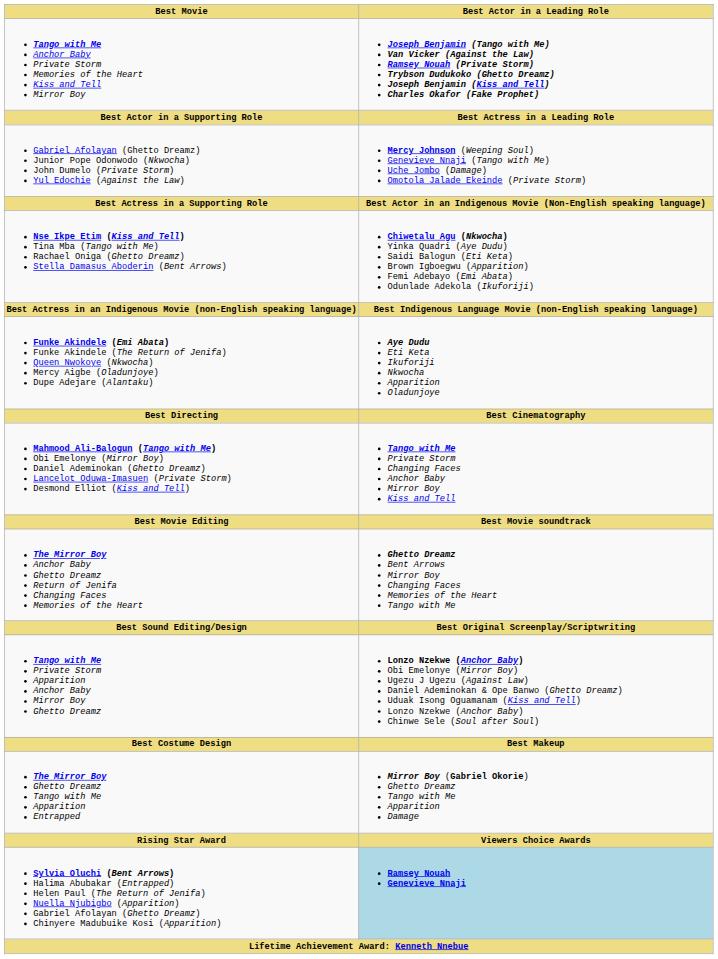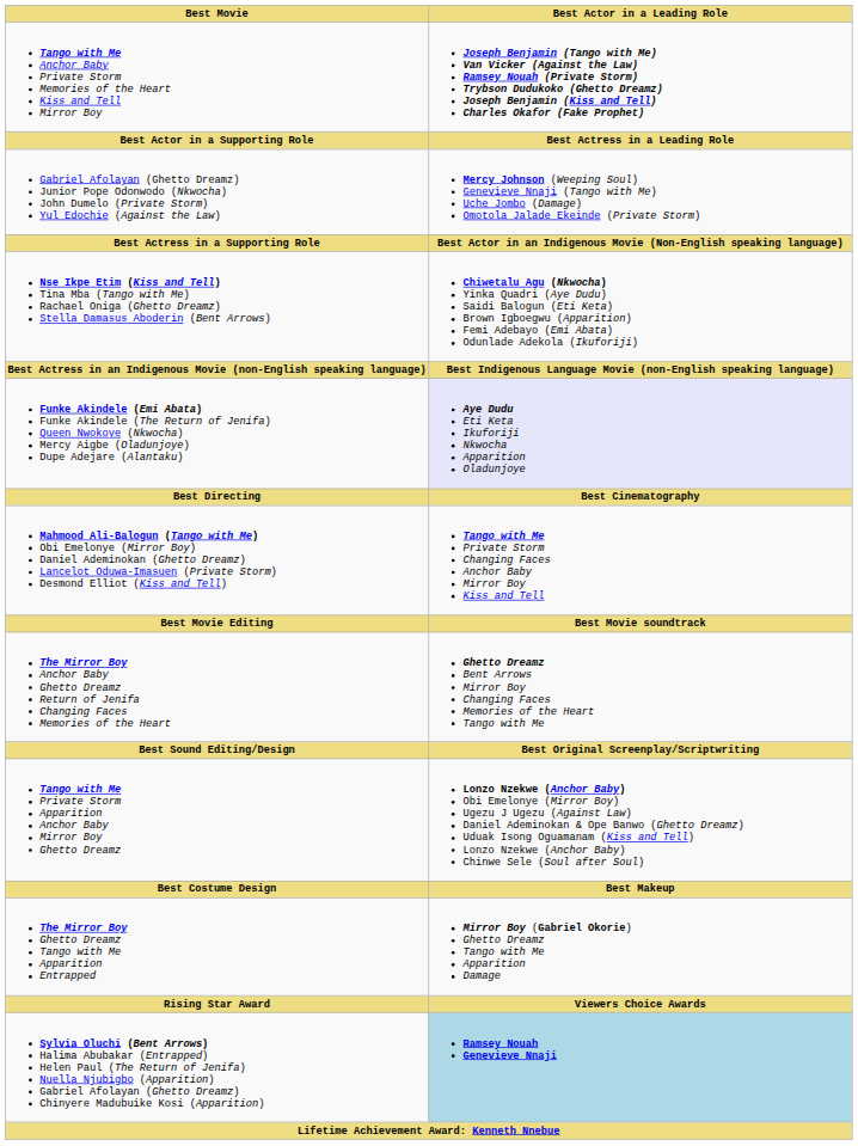 <table class="wikitable">
 <tr>
 <th style="background:#EEDD82; width:50%">Best Movie</th>
 <th style="background:#EEDD82; width:50%">Best Actor in a Leading Role</th>
 </tr>
 <tr>
 <td valign="top"><br><ul><li><strong><em><a href='#'>Tango with Me</a></em></strong></li><li><em><a href='#'>Anchor Baby</a></em></li><li><em>Private Storm</em></li><li><em>Memories of the Heart</em></li><li><em><a href='#'>Kiss and Tell</a></em></li><li><em>Mirror Boy</em></li></ul></td>
 <td valign="top"><br><ul><li><strong><em><a href='#'>Joseph Benjamin</a><strong> (<em>Tango with Me</em>)<em></li><li>Van Vicker (</em>Against the Law<em>)</li><li><a href='#'>Ramsey Nouah</a> (</em>Private Storm<em>)</li><li>Trybson Dudukoko (</em>Ghetto Dreamz<em>)</li><li>Joseph Benjamin (</em><a href='#'>Kiss and Tell</a><em>)</li><li>Charles Okafor (</em>Fake Prophet<em>)</li></ul></td>
 </tr>
 <tr>
 <th style="background:#EEDD82; width:50%">Best Actor in a Supporting Role</th>
 <th style="background:#EEDD82; width:50%">Best Actress in a Leading Role</th>
 </tr>
 <tr>
 <td valign="top"><br><ul><li></em></strong><a href='#'>Gabriel Afolayan</a></strong> (Ghetto Dreamz)</em></li><li>Junior Pope Odonwodo (<em>Nkwocha</em>)</li><li>John Dumelo (<em>Private Storm</em>)</li><li><a href='#'>Yul Edochie</a> (<em>Against the Law</em>)</li></ul></td>
 <td valign="top"><br><ul><li><strong><a href='#'>Mercy Johnson</a></strong> (<em>Weeping Soul</em>)</li><li><a href='#'>Genevieve Nnaji</a> (<em>Tango with Me</em>)</li><li><a href='#'>Uche Jombo</a> (<em>Damage</em>)</li><li><a href='#'>Omotola Jalade Ekeinde</a> (<em>Private Storm</em>)</li></ul></td>
 </tr>
 <tr>
 <th style="background:#EEDD82; width:50%">Best Actress in a Supporting Role</th>
 <th style="background:#EEDD82; width:50%">Best Actor in an Indigenous Movie (Non-English speaking language)</th>
 </tr>
 <tr>
 <td valign="top"><br><ul><li><strong><a href='#'>Nse Ikpe Etim</a> (<em><a href='#'>Kiss and Tell</a></em>)</strong></li><li>Tina Mba (<em>Tango with Me</em>)</li><li>Rachael Oniga (<em>Ghetto Dreamz</em>)</li><li><a href='#'>Stella Damasus Aboderin</a> (<em>Bent Arrows</em>)</li></ul></td>
 <td valign="top"><br><ul><li><strong><a href='#'>Chiwetalu Agu</a> (<em>Nkwocha</em>)</strong></li><li>Yinka Quadri (<em>Aye Dudu</em>)</li><li>Saidi Balogun (<em>Eti Keta</em>)</li><li>Brown Igboegwu (<em>Apparition</em>)</li><li>Femi Adebayo (<em>Emi Abata</em>)</li><li>Odunlade Adekola (<em>Ikuforiji</em>)</li></ul></td>
 </tr>
 <tr>
 <th style="background:#EEDD82; width:50%">Best Actress in an Indigenous Movie (non-English speaking language)</th>
 <th style="background:#EEDD82; width:50%">Best Indigenous Language Movie (non-English speaking language)</th>
 </tr>
 <tr>
 <td valign="top"><br><ul><li><strong><a href='#'>Funke Akindele</a> (<em>Emi Abata</em>)</strong></li><li>Funke Akindele (<em>The Return of Jenifa</em>)</li><li><a href='#'>Queen Nwokoye</a> (<em>Nkwocha</em>)</li><li>Mercy Aigbe (<em>Oladunjoye</em>)</li><li>Dupe Adejare (<em>Alantaku</em>)</li></ul></td>
-<td valign="top"><br><ul><li><strong><em>Aye Dudu</em></strong></li><li><em>Eti Keta</em></li><li><em>Ikuforiji</em></li><li><em>Nkwocha</em></li><li><em>Apparition</em></li><li><em>Oladunjoye</em></li></ul></td>
+<td valign="top" style="background: lavender;"><br><ul><li><strong><em>Aye Dudu</em></strong></li><li><em>Eti Keta</em></li><li><em>Ikuforiji</em></li><li><em>Nkwocha</em></li><li><em>Apparition</em></li><li><em>Oladunjoye</em></li></ul></td>
 </tr>
 <tr>
 <th style="background:#EEDD82; width:50%">Best Directing</th>
 <th style="background:#EEDD82; width:50%">Best Cinematography</th>
 </tr>
 <tr>
 <td valign="top"><br><ul><li><strong><a href='#'>Mahmood Ali-Balogun</a> (<em><a href='#'>Tango with Me</a></em>)</strong></li><li>Obi Emelonye (<em>Mirror Boy</em>)</li><li>Daniel Ademinokan (<em>Ghetto Dreamz</em>)</li><li><a href='#'>Lancelot Oduwa-Imasuen</a> (<em>Private Storm</em>)</li><li>Desmond Elliot (<em><a href='#'>Kiss and Tell</a></em>)</li></ul></td>
 <td valign="top"><br><ul><li><strong><em><a href='#'>Tango with Me</a></em></strong></li><li><em>Private Storm</em></li><li><em>Changing Faces</em></li><li><em>Anchor Baby</em></li><li><em>Mirror Boy</em></li><li><em><a href='#'>Kiss and Tell</a></em></li></ul></td>
 </tr>
 <tr>
 <th style="background:#EEDD82; width:50%">Best Movie Editing</th>
 <th style="background:#EEDD82; width:50%">Best Movie soundtrack</th>
 </tr>
 <tr>
 <td valign="top"><br><ul><li><strong><em><a href='#'>The Mirror Boy</a></em></strong></li><li><em>Anchor Baby</em></li><li><em>Ghetto Dreamz</em></li><li><em>Return of Jenifa</em></li><li><em>Changing Faces</em></li><li><em>Memories of the Heart</em></li></ul></td>
 <td valign="top"><br><ul><li><strong><em>Ghetto Dreamz</em></strong></li><li><em>Bent Arrows</em></li><li><em>Mirror Boy</em></li><li><em>Changing Faces</em></li><li><em>Memories of the Heart</em></li><li><em>Tango with Me</em></li></ul></td>
 </tr>
 <tr>
 <th style="background:#EEDD82; width:50%">Best Sound Editing/Design</th>
 <th style="background:#EEDD82; width:50%">Best Original Screenplay/Scriptwriting</th>
 </tr>
 <tr>
 <td valign="top"><br><ul><li><strong><em><a href='#'>Tango with Me</a></em></strong></li><li><em>Private Storm</em></li><li><em>Apparition</em></li><li><em>Anchor Baby</em></li><li><em>Mirror Boy</em></li><li><em>Ghetto Dreamz</em></li></ul></td>
 <td valign="top"><br><ul><li><strong>Lonzo Nzekwe (<em><a href='#'>Anchor Baby</a></em>)</strong></li><li>Obi Emelonye (<em>Mirror Boy</em>)</li><li>Ugezu J Ugezu (<em>Against Law</em>)</li><li>Daniel Ademinokan & Ope Banwo (<em>Ghetto Dreamz</em>)</li><li>Uduak Isong Oguamanam (<em><a href='#'>Kiss and Tell</a></em>)</li><li>Lonzo Nzekwe (<em>Anchor Baby</em>)</li><li>Chinwe Sele (<em>Soul after Soul</em>)</li></ul></td>
 </tr>
 <tr>
 <th style="background:#EEDD82; width:50%">Best Costume Design</th>
 <th style="background:#EEDD82; width:50%">Best Makeup</th>
 </tr>
 <tr>
 <td valign="top"><br><ul><li><strong><em><a href='#'>The Mirror Boy</a></em></strong></li><li><em>Ghetto Dreamz</em></li><li><em>Tango with Me</em></li><li><em>Apparition</em></li><li><em>Entrapped</em></li></ul></td>
 <td valign="top"><br><ul><li><strong><em>Mirror Boy</em></strong> (<strong>Gabriel Okorie</strong>)</li><li><em>Ghetto Dreamz</em></li><li><em>Tango with Me</em></li><li><em>Apparition</em></li><li><em>Damage</em></li></ul></td>
 </tr>
 <tr>
 <th style="background:#EEDD82; width:50%">Rising Star Award</th>
 <th style="background:#EEDD82; width:50%">Viewers Choice Awards</th>
 </tr>
 <tr>
 <td valign="top"><br><ul><li><strong><a href='#'>Sylvia Oluchi</a> (<em>Bent Arrows</em>)</strong></li><li>Halima Abubakar (<em>Entrapped</em>)</li><li>Helen Paul (<em>The Return of Jenifa</em>)</li><li><a href='#'>Nuella Njubigbo</a> (<em>Apparition</em>)</li><li>Gabriel Afolayan (<em>Ghetto Dreamz</em>)</li><li>Chinyere Madubuike Kosi (<em>Apparition</em>)</li></ul></td>
 <td valign="top" style="background: lightblue;"><br><ul><li><strong><a href='#'>Ramsey Nouah</a></strong></li><li><strong><a href='#'>Genevieve Nnaji</a></strong></li></ul></td>
 </tr>
 <tr>
 <th align="center" colspan="7" style="background:#EEDD82; width:90%">Lifetime Achievement Award: <a href='#'>Kenneth Nnebue</a></th>
 </tr>
 </table>
